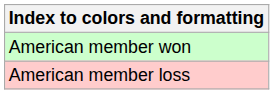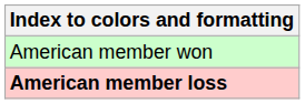 <table class="wikitable">
 <tr>
 <th>Index to colors and formatting</th>
 </tr>
 <tr bgcolor=#ccffcc>
 <td>American member won</td>
 </tr>
 <tr bgcolor=#ffcccc>
-<td>American member loss</td>
+<td><strong>American member loss</strong></td>
 </tr>
 </table>
